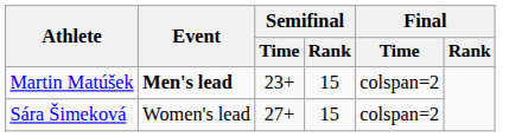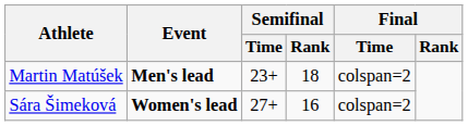 <table class=wikitable style=font-size:90% align=center>
 <tr>
 <th rowspan=2>Athlete</th>
 <th rowspan=2>Event</th>
 <th colspan=2>Semifinal</th>
 <th colspan=2>Final</th>
 </tr>
 <tr style=font-size:95%>
 <th>Time</th>
 <th>Rank</th>
 <th>Time</th>
 <th>Rank</th>
 </tr>
 <tr align=center>
 <td align=left><a href='#'>Martin Matúšek</a></td>
 <td align=left><strong>Men's lead</strong></td>
 <td>23+</td>
-<td>15</td>
+<td>18</td>
 <td>colspan=2 </td>
 </tr>
 <tr align=center>
 <td align=left><a href='#'>Sára Šimeková</a></td>
-<td align=left>Women's lead</td>
+<td align=left><strong>Women's lead</strong></td>
 <td>27+</td>
-<td>15</td>
+<td>16</td>
 <td>colspan=2 </td>
 </tr>
 </table>
